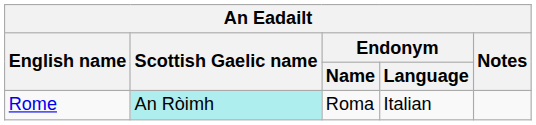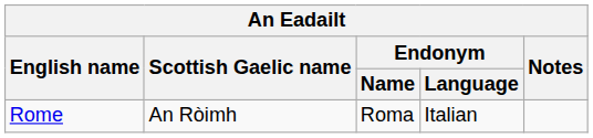 <table class="wikitable sortable">
 <tr>
 <th colspan="5"> An Eadailt</th>
 </tr>
 <tr>
 <th rowspan="2">English name</th>
 <th rowspan="2">Scottish Gaelic name</th>
 <th colspan="2">Endonym</th>
 <th rowspan="2">Notes</th>
 </tr>
 <tr>
 <th>Name</th>
 <th>Language</th>
 </tr>
 <tr>
 <td><a href='#'>Rome</a></td>
-<td style="background: paleturquoise;">An Ròimh</td>
+<td>An Ròimh</td>
 <td>Roma</td>
 <td>Italian</td>
 <td></td>
 </tr>
 </table>
